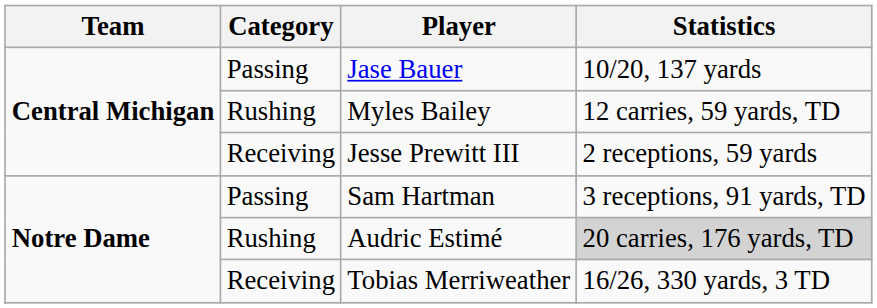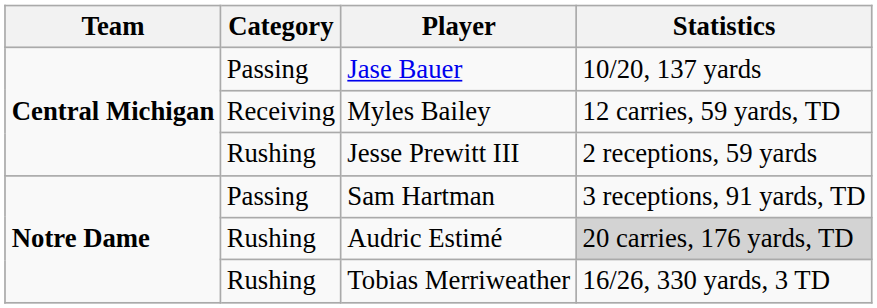 <table class="wikitable" style="float: right;">
 <tr>
 <th>Team</th>
 <th>Category</th>
 <th>Player</th>
 <th>Statistics</th>
 </tr>
 <tr>
 <td rowspan=3><strong>Central Michigan</strong></td>
 <td>Passing</td>
 <td><a href='#'>Jase Bauer</a></td>
 <td>10/20, 137 yards</td>
 </tr>
 <tr>
-<td>Rushing</td>
+<td>Receiving</td>
 <td>Myles Bailey</td>
 <td>12 carries, 59 yards, TD</td>
 </tr>
 <tr>
-<td>Receiving</td>
+<td>Rushing</td>
 <td>Jesse Prewitt III</td>
 <td>2 receptions, 59 yards</td>
 </tr>
 <tr>
 <td rowspan=3><strong>Notre Dame</strong></td>
 <td>Passing</td>
 <td>Sam Hartman</td>
 <td>3 receptions, 91 yards, TD</td>
 </tr>
 <tr>
 <td>Rushing</td>
 <td>Audric Estimé</td>
 <td style="background: lightgrey;">20 carries, 176 yards, TD</td>
 </tr>
 <tr>
-<td>Receiving</td>
+<td>Rushing</td>
 <td>Tobias Merriweather</td>
 <td>16/26, 330 yards, 3 TD</td>
 </tr>
 </table>
